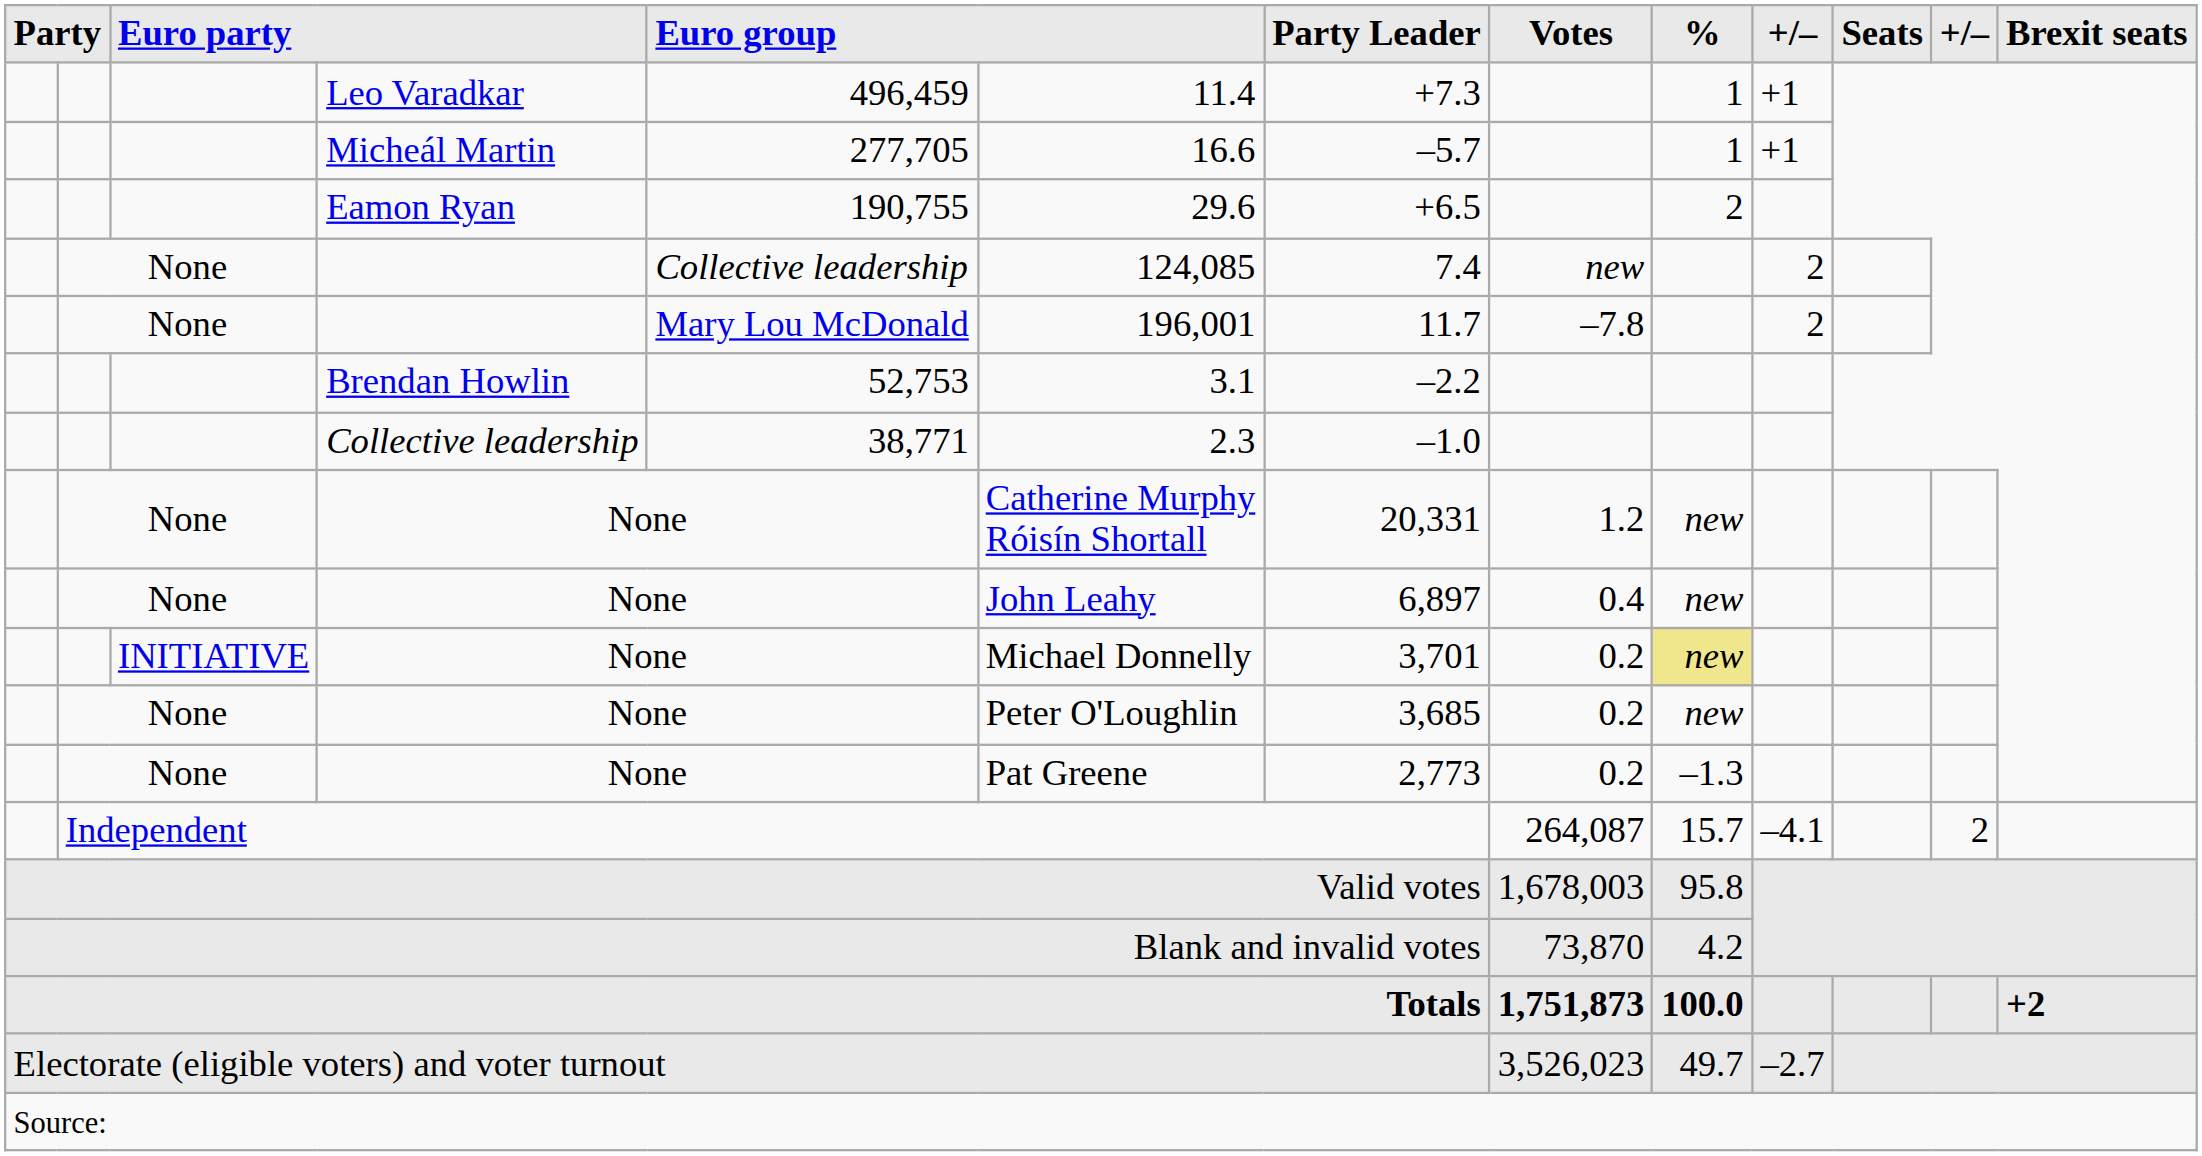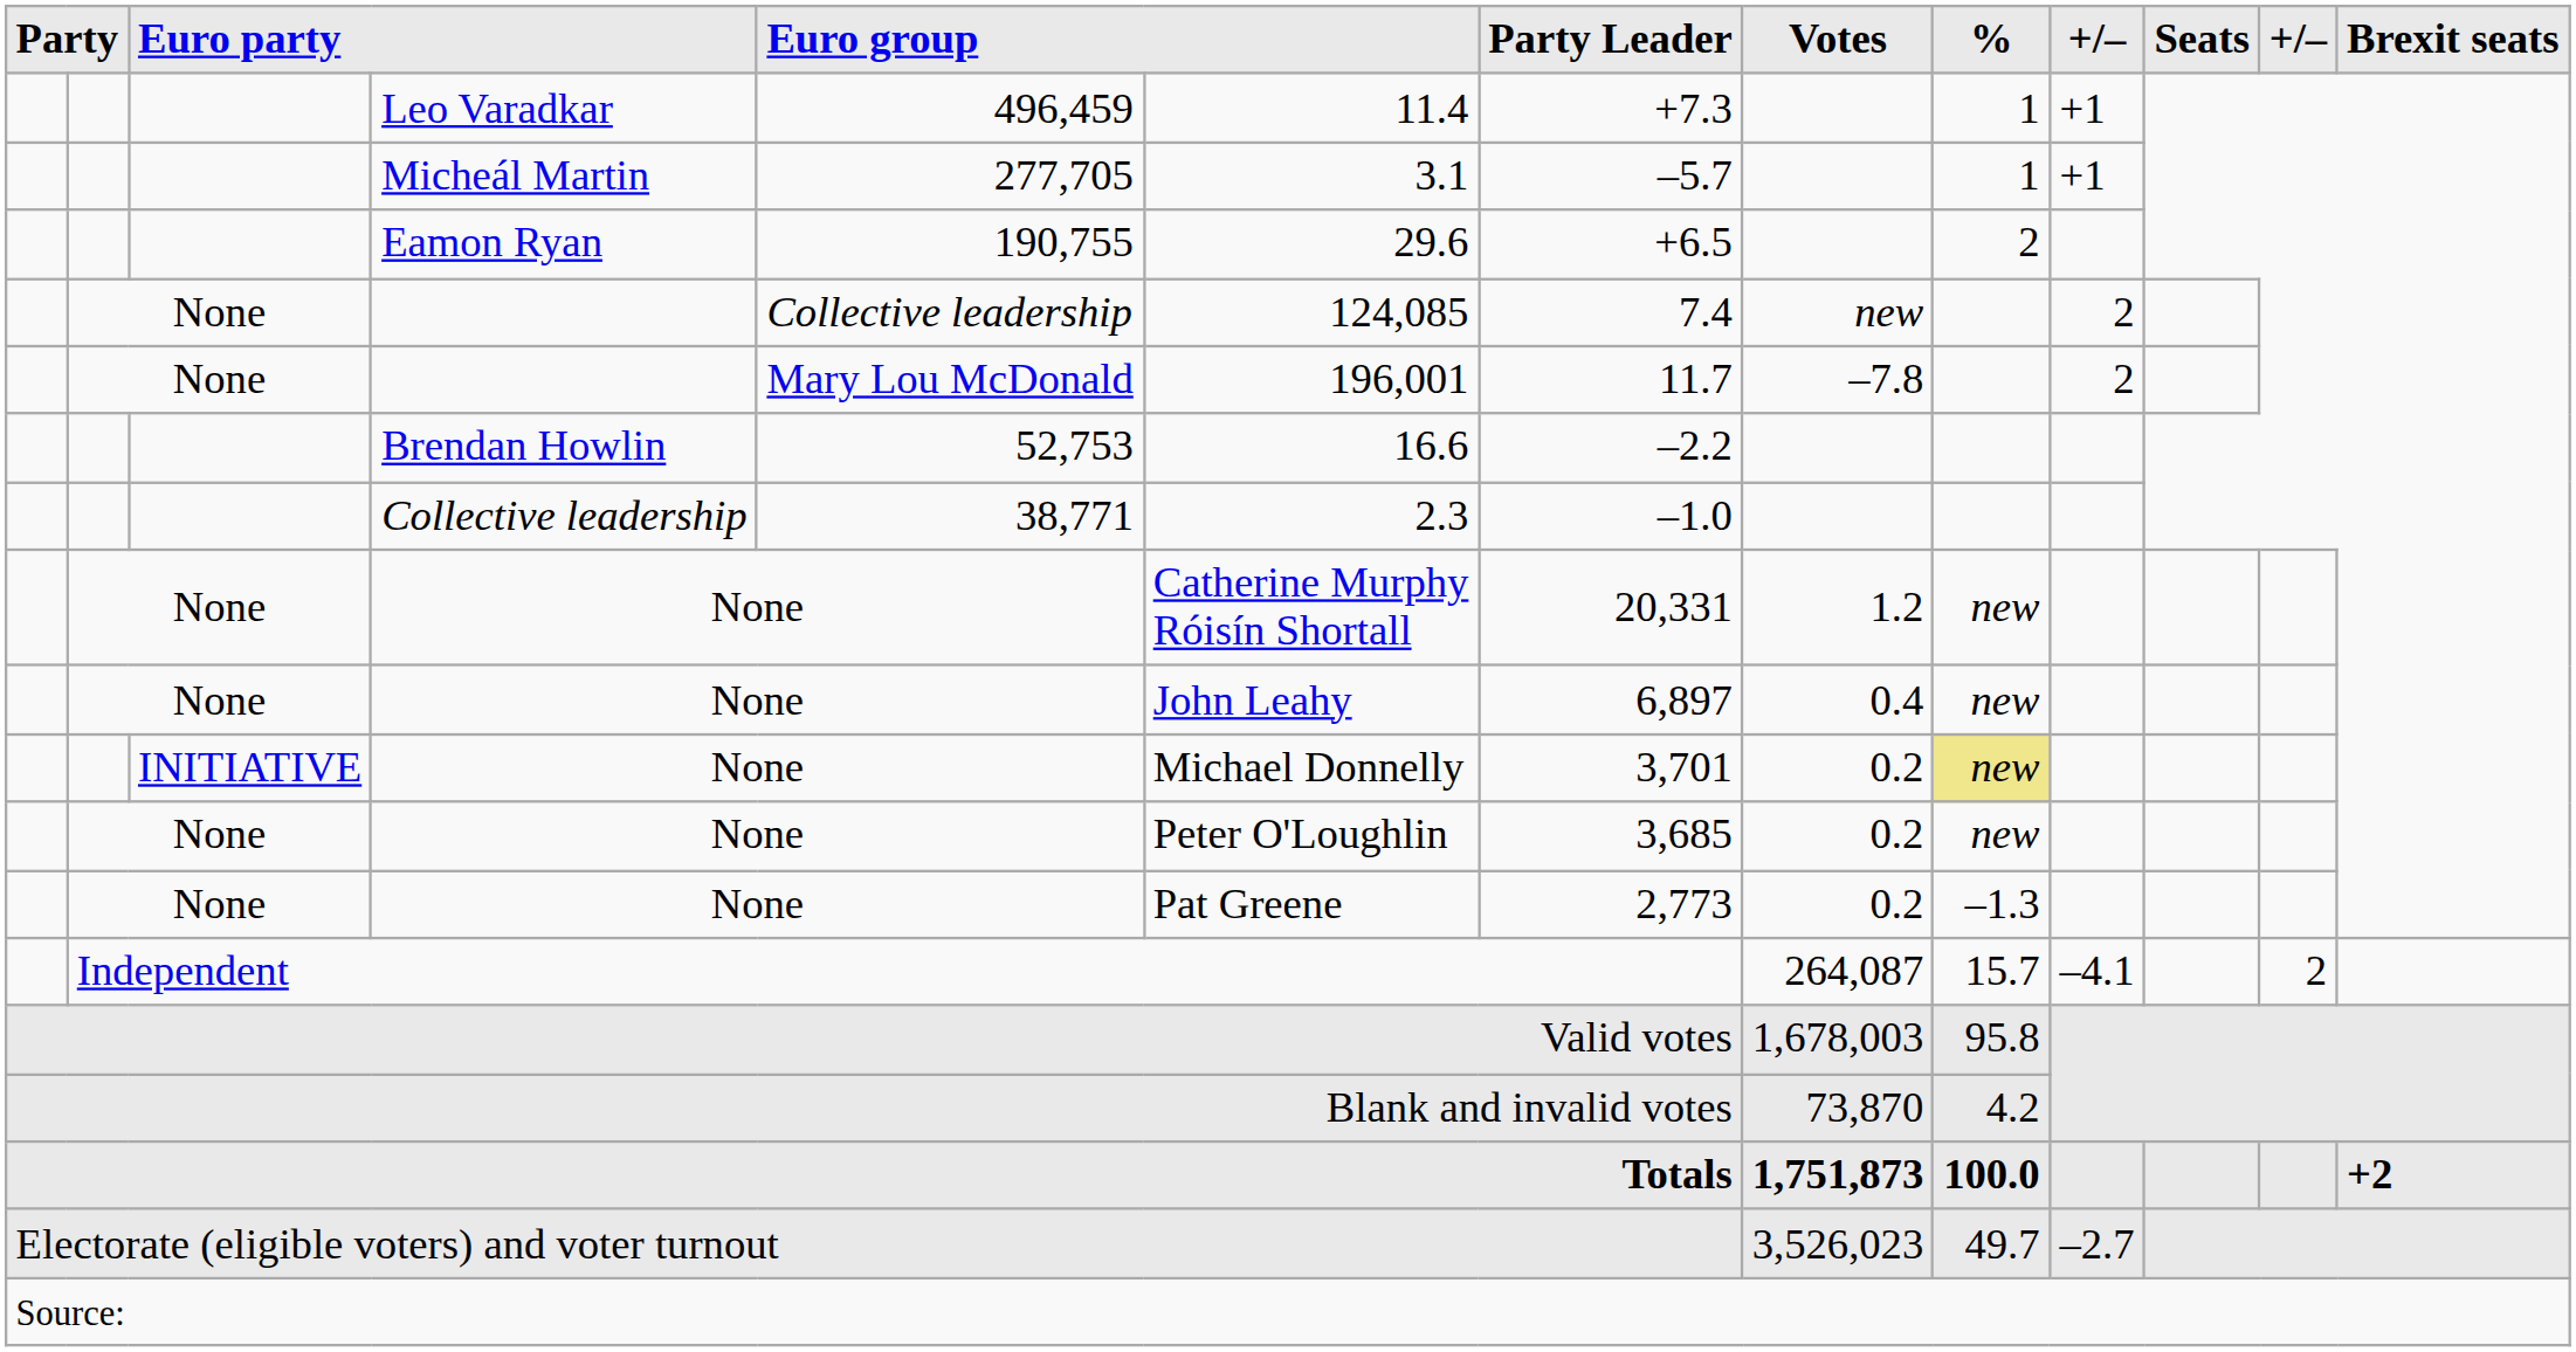 <table class="wikitable sortable">
 <tr style="text-align:right;">
 <th style="background-color:#E9E9E9;" colspan="2">Party</th>
 <th style="background-color:#E9E9E9;text-align:left;" colspan="2"><a href='#'>Euro party</a></th>
 <th style="background-color:#E9E9E9;text-align:left;" colspan="2"><a href='#'>Euro group</a></th>
 <th style="background-color:#E9E9E9;text-align:left;">Party Leader</th>
 <th style="background-color:#E9E9E9;">Votes</th>
 <th style="background-color:#E9E9E9;">%</th>
 <th style="background-color:#E9E9E9;">+/–</th>
 <th style="background-color:#E9E9E9;">Seats</th>
 <th style="background-color:#E9E9E9;">+/–</th>
 <th style="background-color:#E9E9E9;">Brexit seats</th>
 </tr>
 <tr>
 <td></td>
 <td></td>
 <td></td>
 <td style="text-align:left;"><a href='#'>Leo Varadkar</a></td>
 <td style="text-align:right;">496,459</td>
 <td style="text-align:right;">11.4</td>
 <td style="text-align:right;">+7.3</td>
 <td style="text-align:right;"></td>
 <td style="text-align:right;"> 1</td>
 <td>+1</td>
 </tr>
 <tr>
 <td></td>
 <td></td>
 <td></td>
 <td style="text-align:left;"><a href='#'>Micheál Martin</a></td>
 <td style="text-align:right;">277,705</td>
-<td style="text-align:right;">16.6</td>
+<td style="text-align:right;">3.1</td>
 <td style="text-align:right;">–5.7</td>
 <td style="text-align:right;"></td>
 <td style="text-align:right;"> 1</td>
 <td>+1</td>
 </tr>
 <tr>
 <td></td>
 <td></td>
 <td></td>
 <td style="text-align:left;"><a href='#'>Eamon Ryan</a></td>
 <td style="text-align:right;">190,755</td>
 <td style="text-align:right;">29.6</td>
 <td style="text-align:right;">+6.5</td>
 <td style="text-align:right;"></td>
 <td style="text-align:right;"> 2</td>
 <td></td>
 </tr>
 <tr>
 <td></td>
 <td colspan=2 style="text-align:center;">None</td>
 <td></td>
 <td style="text-align:left;"><em>Collective leadership</em></td>
 <td style="text-align:right;">124,085</td>
 <td style="text-align:right;">7.4</td>
 <td style="text-align:right;"><em>new</em></td>
 <td style="text-align:right;"></td>
 <td style="text-align:right;"> 2</td>
 <td></td>
 </tr>
 <tr>
 <td></td>
 <td colspan=2 style="text-align:center;">None</td>
 <td></td>
 <td style="text-align:left;"><a href='#'>Mary Lou McDonald</a></td>
 <td style="text-align:right;">196,001</td>
 <td style="text-align:right;">11.7</td>
 <td style="text-align:right;">–7.8</td>
 <td style="text-align:right;"></td>
 <td style="text-align:right;"> 2</td>
 <td></td>
 </tr>
 <tr>
 <td></td>
 <td></td>
 <td></td>
 <td style="text-align:left;"><a href='#'>Brendan Howlin</a></td>
 <td style="text-align:right;">52,753</td>
-<td style="text-align:right;">3.1</td>
+<td style="text-align:right;">16.6</td>
 <td style="text-align:right;">–2.2</td>
 <td style="text-align:right;"></td>
 <td style="text-align:right;"></td>
 <td></td>
 </tr>
 <tr>
 <td></td>
 <td></td>
 <td></td>
 <td style="text-align:left;"><em>Collective leadership</em></td>
 <td style="text-align:right;">38,771</td>
 <td style="text-align:right;">2.3</td>
 <td style="text-align:right;">–1.0</td>
 <td style="text-align:right;"></td>
 <td style="text-align:right;"></td>
 <td></td>
 </tr>
 <tr>
 <td></td>
 <td colspan=2 style="text-align:center;">None</td>
 <td colspan=2 style="text-align:center;">None</td>
 <td style="text-align:left;"><a href='#'>Catherine Murphy</a><br><a href='#'>Róisín Shortall</a></td>
 <td style="text-align:right;">20,331</td>
 <td style="text-align:right;">1.2</td>
 <td style="text-align:right;"><em>new</em></td>
 <td style="text-align:right;"></td>
 <td style="text-align:right;"></td>
 <td></td>
 </tr>
 <tr>
 <td></td>
 <td colspan=2 style="text-align:center;">None</td>
 <td colspan=2 style="text-align:center;">None</td>
 <td style="text-align:left;"><a href='#'>John Leahy</a></td>
 <td style="text-align:right;">6,897</td>
 <td style="text-align:right;">0.4</td>
 <td style="text-align:right;"><em>new</em></td>
 <td style="text-align:right;"></td>
 <td style="text-align:right;"></td>
 <td></td>
 </tr>
 <tr>
 <td></td>
 <td style="color:inherit;background-color: "></td>
 <td><a href='#'>INITIATIVE</a></td>
 <td colspan=2 style="text-align:center;">None</td>
 <td style="text-align:left;">Michael Donnelly</td>
 <td style="text-align:right;">3,701</td>
 <td style="text-align:right;">0.2</td>
 <td style="background: khaki; text-align:right;"><em>new</em></td>
 <td style="text-align:right;"></td>
 <td style="text-align:right;"></td>
 <td></td>
 </tr>
 <tr>
 <td></td>
 <td colspan=2 style="text-align:center;">None</td>
 <td colspan=2 style="text-align:center;">None</td>
 <td style="text-align:left;">Peter O'Loughlin</td>
 <td style="text-align:right;">3,685</td>
 <td style="text-align:right;">0.2</td>
 <td style="text-align:right;"><em>new</em></td>
 <td style="text-align:right;"></td>
 <td style="text-align:right;"></td>
 <td></td>
 </tr>
 <tr>
 <td></td>
 <td colspan=2 style="text-align:center;">None</td>
 <td colspan=2 style="text-align:center;">None</td>
 <td style="text-align:left;">Pat Greene</td>
 <td style="text-align:right;">2,773</td>
 <td style="text-align:right;">0.2</td>
 <td style="text-align:right;">–1.3</td>
 <td style="text-align:right;"></td>
 <td style="text-align:right;"></td>
 <td></td>
 </tr>
 <tr>
 <td style="color:inherit;background-color:"></td>
 <td style="text-align:left;" colspan=6><a href='#'>Independent</a></td>
 <td style="text-align:right;">264,087</td>
 <td style="text-align:right;">15.7</td>
 <td style="text-align:right;">–4.1</td>
 <td style="text-align:right;"></td>
 <td style="text-align:right;"> 2</td>
 <td></td>
 </tr>
 <tr style="background-color:#E9E9E9">
 <td style="text-align:right;" colspan="7">Valid votes</td>
 <td style="text-align:right;">1,678,003</td>
 <td style="text-align:right;">95.8</td>
 <td colspan="4" rowspan="2"></td>
 </tr>
 <tr style="background-color:#E9E9E9">
 <td style="text-align:right;" colspan="7">Blank and invalid votes</td>
 <td style="text-align:right;">73,870</td>
 <td style="text-align:right;">4.2</td>
 </tr>
 <tr style="background-color:#E9E9E9;font-weight:bold">
 <td style="text-align:right;" colspan="7">Totals</td>
 <td style="text-align:right;">1,751,873</td>
 <td style="text-align:right;">100.0</td>
 <td></td>
 <td style="text-align:right;"></td>
 <td></td>
 <td>+2</td>
 </tr>
 <tr style="background-color:#E9E9E9">
 <td colspan="7">Electorate (eligible voters) and voter turnout</td>
 <td style="text-align:right;">3,526,023</td>
 <td style="text-align:right;">49.7</td>
 <td style="text-align:right;">–2.7</td>
 <td colspan="3"></td>
 </tr>
 <tr>
 <td colspan="13" style="text-align:left;"><small>Source: </small></td>
 </tr>
 </table>
